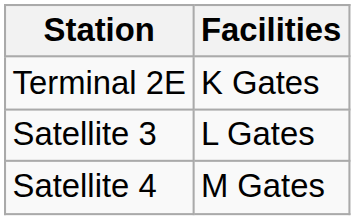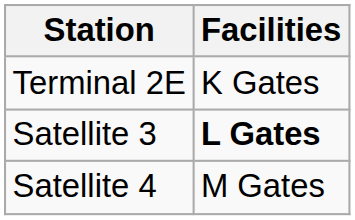 <table class=wikitable>
 <tr>
 <th>Station</th>
 <th>Facilities</th>
 </tr>
 <tr>
 <td>Terminal 2E</td>
 <td>K Gates</td>
 </tr>
 <tr>
 <td>Satellite 3</td>
-<td>L Gates</td>
+<td><strong>L Gates</strong></td>
 </tr>
 <tr>
 <td>Satellite 4</td>
 <td>M Gates</td>
 </tr>
 </table>
